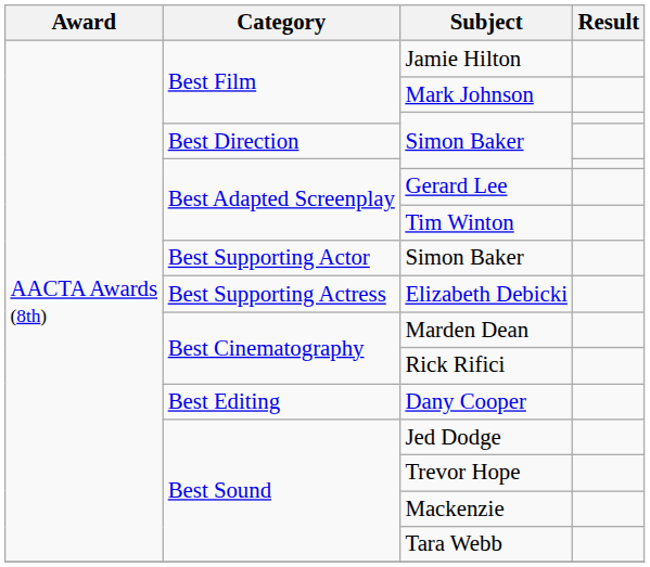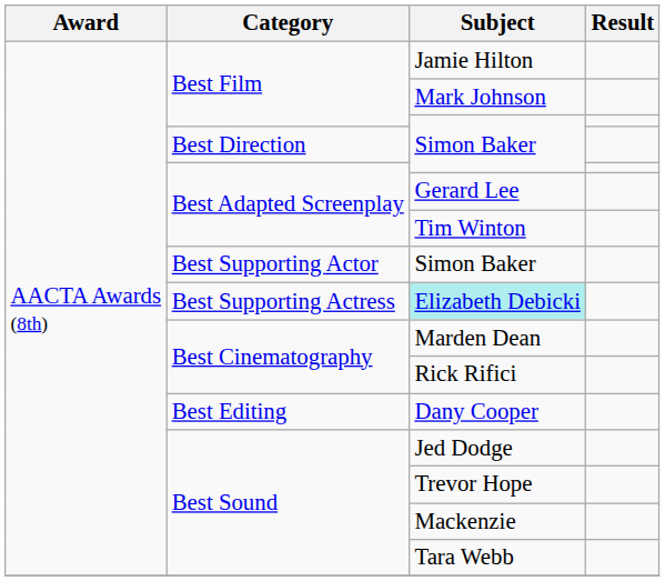 <table class="wikitable">
 <tr>
 <th>Award</th>
 <th>Category</th>
 <th>Subject</th>
 <th>Result</th>
 </tr>
 <tr>
 <td rowspan=16><a href='#'>AACTA Awards</a><br><small>(<a href='#'>8th</a>)</small></td>
 <td rowspan=3><a href='#'>Best Film</a></td>
 <td>Jamie Hilton</td>
 <td></td>
 </tr>
 <tr>
 <td><a href='#'>Mark Johnson</a></td>
 <td></td>
 </tr>
 <tr>
 <td rowspan=3><a href='#'>Simon Baker</a></td>
 <td></td>
 </tr>
 <tr>
 <td><a href='#'>Best Direction</a></td>
 <td></td>
 </tr>
 <tr>
 <td rowspan=3><a href='#'>Best Adapted Screenplay</a></td>
 <td></td>
 </tr>
 <tr>
 <td><a href='#'>Gerard Lee</a></td>
 <td></td>
 </tr>
 <tr>
 <td><a href='#'>Tim Winton</a></td>
 <td></td>
 </tr>
 <tr>
 <td><a href='#'>Best Supporting Actor</a></td>
 <td>Simon Baker</td>
 <td></td>
 </tr>
 <tr>
 <td><a href='#'>Best Supporting Actress</a></td>
-<td><a href='#'>Elizabeth Debicki</a></td>
+<td style="background: paleturquoise;"><a href='#'>Elizabeth Debicki</a></td>
 <td></td>
 </tr>
 <tr>
 <td rowspan=2><a href='#'>Best Cinematography</a></td>
 <td>Marden Dean</td>
 <td></td>
 </tr>
 <tr>
 <td>Rick Rifici</td>
 <td></td>
 </tr>
 <tr>
 <td><a href='#'>Best Editing</a></td>
 <td><a href='#'>Dany Cooper</a></td>
 <td></td>
 </tr>
 <tr>
 <td rowspan=4><a href='#'>Best Sound</a></td>
 <td>Jed Dodge</td>
 <td></td>
 </tr>
 <tr>
 <td>Trevor Hope</td>
 <td></td>
 </tr>
 <tr>
 <td>Mackenzie</td>
 <td></td>
 </tr>
 <tr>
 <td>Tara Webb</td>
 <td></td>
 </tr>
 <tr>
 </tr>
 </table>
